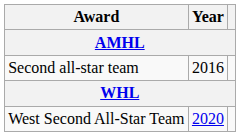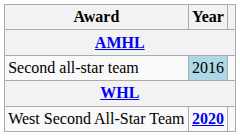 <table class="wikitable">
 <tr>
 <th>Award</th>
 <th>Year</th>
 <th></th>
 </tr>
 <tr ALIGN="center" bgcolor="#e0e0e0">
 <th colspan="3"><a href='#'>AMHL</a></th>
 </tr>
 <tr>
 <td>Second all-star team</td>
-<td>2016</td>
+<td style="background: lightblue;">2016</td>
 <td></td>
 </tr>
 <tr ALIGN="center" bgcolor="#e0e0e0">
 <th colspan="3"><a href='#'>WHL</a></th>
 </tr>
 <tr>
 <td>West Second All-Star Team</td>
-<td><a href='#'>2020</a></td>
+<td><strong><a href='#'>2020</a></strong></td>
 <td></td>
 </tr>
 </table>
